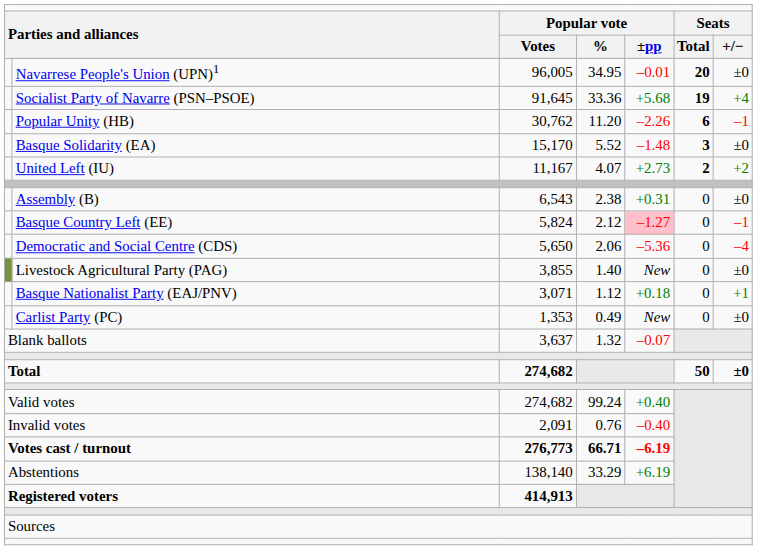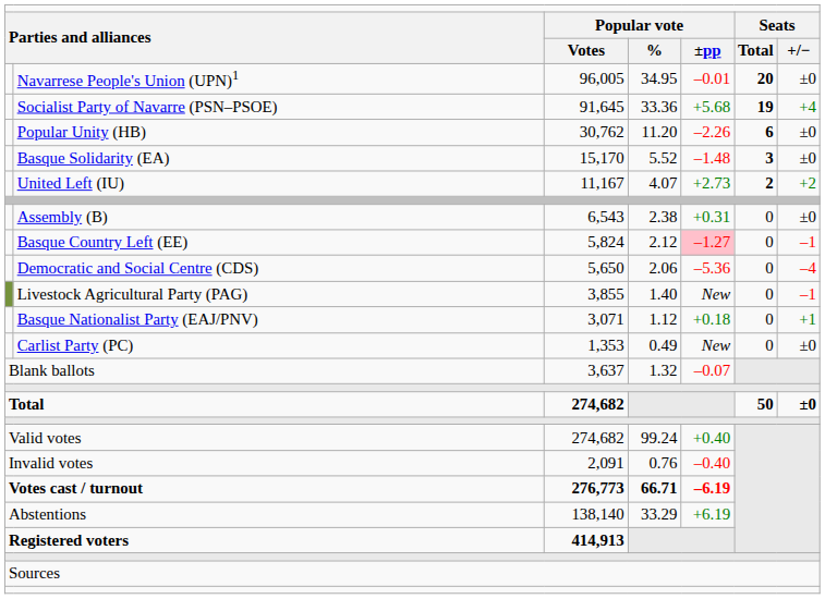 <table class="wikitable" style="text-align:right;">
 <tr>
 <td colspan="7"></td>
 </tr>
 <tr>
 <th style="text-align:left;" rowspan="2" colspan="2" width="525">Parties and alliances</th>
 <th colspan="3">Popular vote</th>
 <th colspan="2">Seats</th>
 </tr>
 <tr>
 <th width="75">Votes</th>
 <th width="45">%</th>
 <th width="45">±<a href='#'>pp</a></th>
 <th width="35">Total</th>
 <th width="35">+/−</th>
 </tr>
 <tr>
 <td width="1" style="color:inherit;background:"></td>
 <td align="left"><a href='#'>Navarrese People's Union</a> (UPN)<sup>1</sup></td>
 <td>96,005</td>
 <td>34.95</td>
 <td style="color:red;">–0.01</td>
 <td><strong>20</strong></td>
 <td>±0</td>
 </tr>
 <tr>
 <td style="color:inherit;background:"></td>
 <td align="left"><a href='#'>Socialist Party of Navarre</a> (PSN–PSOE)</td>
 <td>91,645</td>
 <td>33.36</td>
 <td style="color:green;">+5.68</td>
 <td><strong>19</strong></td>
 <td style="color:green;">+4</td>
 </tr>
 <tr>
 <td style="color:inherit;background:"></td>
 <td align="left"><a href='#'>Popular Unity</a> (HB)</td>
 <td>30,762</td>
 <td>11.20</td>
 <td style="color:red;">–2.26</td>
 <td><strong>6</strong></td>
-<td style="color:red;">–1</td>
+<td>±0</td>
 </tr>
 <tr>
 <td style="color:inherit;background:"></td>
 <td align="left"><a href='#'>Basque Solidarity</a> (EA)</td>
 <td>15,170</td>
 <td>5.52</td>
 <td style="color:red;">–1.48</td>
 <td><strong>3</strong></td>
 <td>±0</td>
 </tr>
 <tr>
 <td style="color:inherit;background:"></td>
 <td align="left"><a href='#'>United Left</a> (IU)</td>
 <td>11,167</td>
 <td>4.07</td>
 <td style="color:green;">+2.73</td>
 <td><strong>2</strong></td>
 <td style="color:green;">+2</td>
 </tr>
 <tr>
 <td colspan="7" bgcolor="#C0C0C0"></td>
 </tr>
 <tr>
 <td style="color:inherit;background:"></td>
 <td align="left"><a href='#'>Assembly</a> (B)</td>
 <td>6,543</td>
 <td>2.38</td>
 <td style="color:green;">+0.31</td>
 <td>0</td>
 <td>±0</td>
 </tr>
 <tr>
 <td style="color:inherit;background:"></td>
 <td align="left"><a href='#'>Basque Country Left</a> (EE)</td>
 <td>5,824</td>
 <td>2.12</td>
 <td style="background: pink; color:red;">–1.27</td>
 <td>0</td>
 <td style="color:red;">–1</td>
 </tr>
 <tr>
 <td style="color:inherit;background:"></td>
 <td align="left"><a href='#'>Democratic and Social Centre</a> (CDS)</td>
 <td>5,650</td>
 <td>2.06</td>
 <td style="color:red;">–5.36</td>
 <td>0</td>
 <td style="color:red;">–4</td>
 </tr>
 <tr>
 <td style="color:inherit;background:#75923C"></td>
 <td align="left">Livestock Agricultural Party (PAG)</td>
 <td>3,855</td>
 <td>1.40</td>
 <td><em>New</em></td>
 <td>0</td>
-<td>±0</td>
+<td style="color:red;">–1</td>
 </tr>
 <tr>
 <td style="color:inherit;background:"></td>
 <td align="left"><a href='#'>Basque Nationalist Party</a> (EAJ/PNV)</td>
 <td>3,071</td>
 <td>1.12</td>
 <td style="color:green;">+0.18</td>
 <td>0</td>
 <td style="color:green;">+1</td>
 </tr>
 <tr>
 <td style="color:inherit;background:"></td>
 <td align="left"><a href='#'>Carlist Party</a> (PC)</td>
 <td>1,353</td>
 <td>0.49</td>
 <td><em>New</em></td>
 <td>0</td>
 <td>±0</td>
 </tr>
 <tr>
 <td align="left" colspan="2">Blank ballots</td>
 <td>3,637</td>
 <td>1.32</td>
 <td style="color:red;">–0.07</td>
 <td bgcolor="#E9E9E9" colspan="2"></td>
 </tr>
 <tr>
 <td colspan="7" bgcolor="#E9E9E9"></td>
 </tr>
 <tr style="font-weight:bold;">
 <td align="left" colspan="2">Total</td>
 <td>274,682</td>
 <td bgcolor="#E9E9E9" colspan="2"></td>
 <td>50</td>
 <td>±0</td>
 </tr>
 <tr>
 <td colspan="7" bgcolor="#E9E9E9"></td>
 </tr>
 <tr>
 <td align="left" colspan="2">Valid votes</td>
 <td>274,682</td>
 <td>99.24</td>
 <td style="color:green;">+0.40</td>
 <td bgcolor="#E9E9E9" colspan="2" rowspan="5"></td>
 </tr>
 <tr>
 <td align="left" colspan="2">Invalid votes</td>
 <td>2,091</td>
 <td>0.76</td>
 <td style="color:red;">–0.40</td>
 </tr>
 <tr style="font-weight:bold;">
 <td align="left" colspan="2">Votes cast / turnout</td>
 <td>276,773</td>
 <td>66.71</td>
 <td style="color:red;">–6.19</td>
 </tr>
 <tr>
 <td align="left" colspan="2">Abstentions</td>
 <td>138,140</td>
 <td>33.29</td>
 <td style="color:green;">+6.19</td>
 </tr>
 <tr style="font-weight:bold;">
 <td align="left" colspan="2">Registered voters</td>
 <td>414,913</td>
 <td bgcolor="#E9E9E9" colspan="2"></td>
 </tr>
 <tr>
 <td colspan="7" bgcolor="#E9E9E9"></td>
 </tr>
 <tr>
 <td align="left" colspan="7">Sources</td>
 </tr>
 <tr>
 <td colspan="7" style="text-align:left; max-width:790px;"></td>
 </tr>
 </table>
